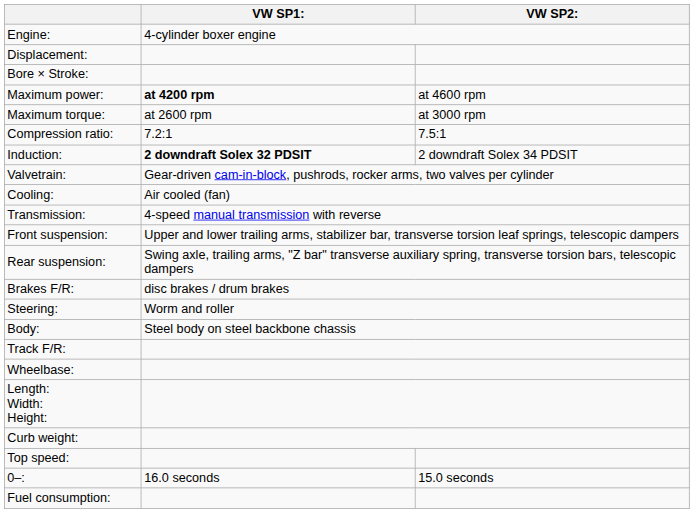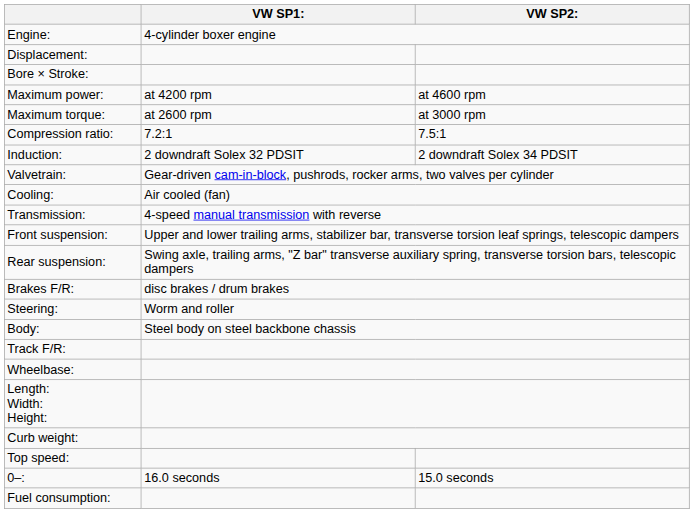 <table class="wikitable defaultcenter col1left backgroundcolor 8">
 <tr>
 <th width="20%"></th>
 <th width="40%">VW SP1:</th>
 <th width="40%">VW SP2:</th>
 </tr>
 <tr>
 <td>Engine: </td>
 <td colspan="2">4-cylinder boxer engine</td>
 </tr>
 <tr>
 <td>Displacement: </td>
 <td></td>
 <td></td>
 </tr>
 <tr>
 <td>Bore × Stroke: </td>
 <td></td>
 <td></td>
 </tr>
 <tr>
 <td>Maximum power: </td>
-<td><strong> at 4200 rpm</strong></td>
+<td> at 4200 rpm</td>
 <td> at 4600 rpm</td>
 </tr>
 <tr>
 <td>Maximum torque: </td>
 <td> at 2600 rpm</td>
 <td> at 3000 rpm</td>
 </tr>
 <tr>
 <td>Compression ratio: </td>
 <td>7.2:1</td>
 <td>7.5:1</td>
 </tr>
 <tr>
 <td>Induction: </td>
-<td><strong>2 downdraft Solex 32 PDSIT</strong></td>
+<td>2 downdraft Solex 32 PDSIT</td>
 <td>2 downdraft Solex 34 PDSIT</td>
 </tr>
 <tr>
 <td>Valvetrain: </td>
 <td colspan="2">Gear-driven <a href='#'>cam-in-block</a>, pushrods, rocker arms, two valves per cylinder</td>
 </tr>
 <tr>
 <td>Cooling: </td>
 <td colspan="2">Air cooled (fan)</td>
 </tr>
 <tr>
 <td>Transmission: </td>
 <td colspan="2">4-speed <a href='#'>manual transmission</a> with reverse</td>
 </tr>
 <tr>
 <td>Front suspension: </td>
 <td colspan="2">Upper and lower trailing arms, stabilizer bar, transverse torsion leaf springs, telescopic dampers</td>
 </tr>
 <tr>
 <td>Rear suspension: </td>
 <td colspan="3">Swing axle, trailing arms, "Z bar" transverse auxiliary spring, transverse torsion bars, telescopic dampers</td>
 </tr>
 <tr>
 <td>Brakes F/R: </td>
 <td colspan="2"> disc brakes / drum brakes</td>
 </tr>
 <tr>
 <td>Steering: </td>
 <td colspan="2">Worm and roller</td>
 </tr>
 <tr>
 <td>Body: </td>
 <td colspan="2">Steel body on steel backbone chassis</td>
 </tr>
 <tr>
 <td>Track F/R: </td>
 <td colspan="2"></td>
 </tr>
 <tr>
 <td>Wheelbase: </td>
 <td colspan="2"></td>
 </tr>
 <tr>
 <td>Length: <br>Width: <br>Height: </td>
 <td colspan="2"><br><br></td>
 </tr>
 <tr>
 <td>Curb weight: </td>
 <td colspan="2"></td>
 </tr>
 <tr>
 <td>Top speed: </td>
 <td></td>
 <td></td>
 </tr>
 <tr>
 <td>0–: </td>
 <td>16.0 seconds</td>
 <td>15.0 seconds</td>
 </tr>
 <tr>
 <td>Fuel consumption: </td>
 <td></td>
 <td></td>
 </tr>
 </table>
